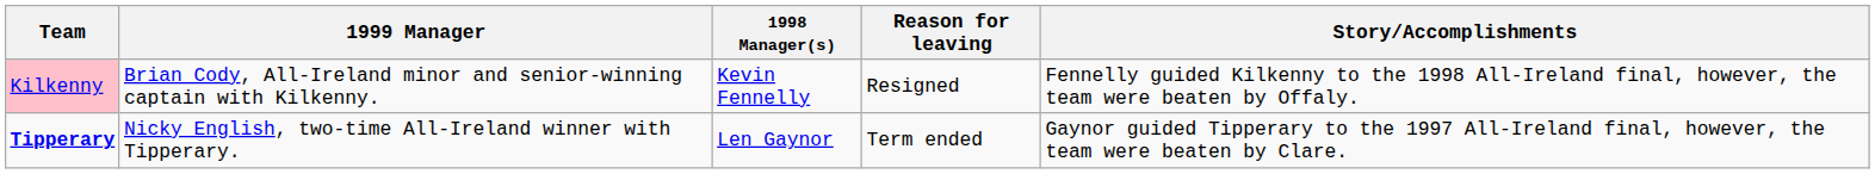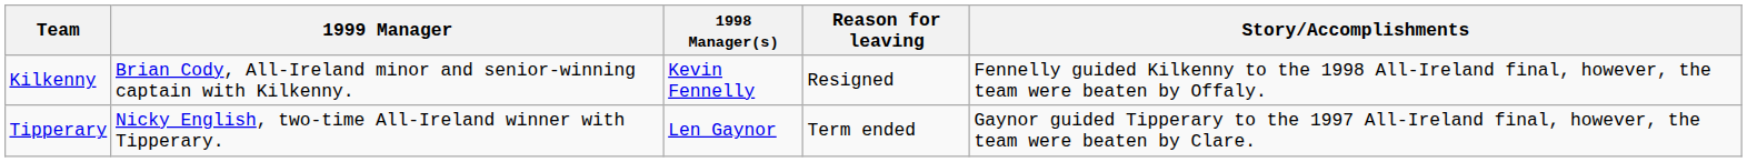 <table class="wikitable" border="1">
 <tr>
 <th>Team</th>
 <th>1999 Manager</th>
 <th><small>1998 Manager(s)</small></th>
 <th>Reason for leaving</th>
 <th>Story/Accomplishments</th>
 </tr>
 <tr>
-<td style="background: pink;"><a href='#'>Kilkenny</a></td>
+<td><a href='#'>Kilkenny</a></td>
 <td><a href='#'>Brian Cody</a>, All-Ireland minor and senior-winning captain with Kilkenny.</td>
 <td><a href='#'>Kevin Fennelly</a></td>
 <td>Resigned</td>
 <td>Fennelly guided Kilkenny to the 1998 All-Ireland final, however, the team were beaten by Offaly.</td>
 </tr>
 <tr>
-<td><strong><a href='#'>Tipperary</a></strong></td>
+<td><a href='#'>Tipperary</a></td>
 <td><a href='#'>Nicky English</a>, two-time All-Ireland winner with Tipperary.</td>
 <td><a href='#'>Len Gaynor</a></td>
 <td>Term ended</td>
 <td>Gaynor guided Tipperary to the 1997 All-Ireland final, however, the team were beaten by Clare.</td>
 </tr>
 </table>
